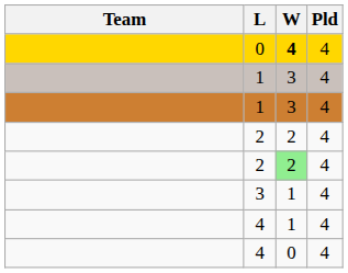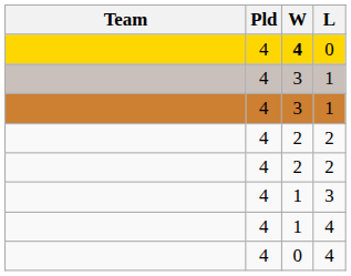 <table class="wikitable" style="text-align:center">
 <tr>
 <th style="width:200px;">Team</th>
+<th width="20">Pld</th>
+<th width="20">W</th>
 <th width="20">L</th>
-<th width="20">W</th>
-<th width="20">Pld</th>
 </tr>
 <tr style="background:gold;">
 <td align=left></td>
+<td>4</td>
+<td><strong>4</strong></td>
 <td>0</td>
-<td><strong>4</strong></td>
-<td>4</td>
 </tr>
 <tr style="background:#C9C0BB">
 <td align=left></td>
+<td>4</td>
+<td>3</td>
 <td>1</td>
-<td>3</td>
-<td>4</td>
 </tr>
 <tr style="background:#CD7F32">
 <td align=left></td>
+<td>4</td>
+<td>3</td>
 <td>1</td>
-<td>3</td>
-<td>4</td>
 </tr>
 <tr>
 <td align=left></td>
+<td>4</td>
 <td>2</td>
 <td>2</td>
-<td>4</td>
 </tr>
 <tr>
 <td align=left></td>
+<td>4</td>
 <td>2</td>
-<td style="background: lightgreen;">2</td>
-<td>4</td>
+<td>2</td>
 </tr>
 <tr>
 <td align=left></td>
+<td>4</td>
+<td>1</td>
 <td>3</td>
-<td>1</td>
-<td>4</td>
 </tr>
 <tr>
 <td align=left></td>
 <td>4</td>
 <td>1</td>
 <td>4</td>
 </tr>
 <tr>
 <td align=left></td>
 <td>4</td>
 <td>0</td>
 <td>4</td>
 </tr>
 </table>
